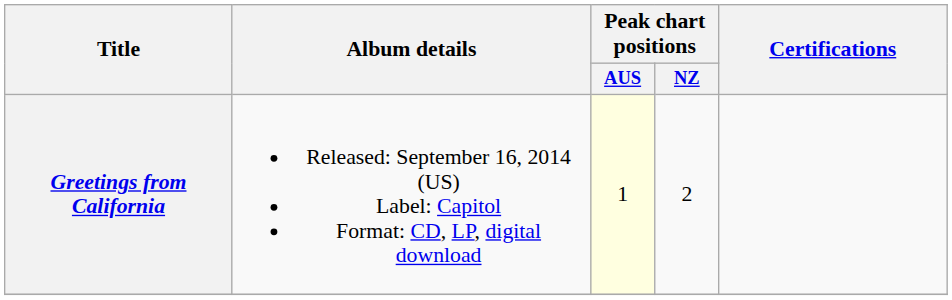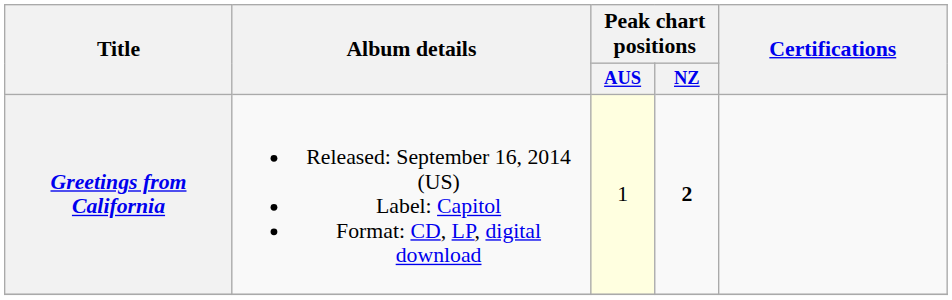 <table class="wikitable plainrowheaders" style="text-align:center;">
 <tr>
 <th scope="col" rowspan="2" style="width:10em;">Title</th>
 <th scope="col" rowspan="2" style="width:16em;">Album details</th>
 <th scope="col" colspan="2">Peak chart positions</th>
 <th scope="col" rowspan="2" style="width:10em;"><a href='#'>Certifications</a></th>
 </tr>
 <tr>
 <th scope="col" style="width:3em;font-size:85%;"><a href='#'>AUS</a><br></th>
 <th scope="col" style="width:3em;font-size:85%;"><a href='#'>NZ</a><br></th>
 </tr>
 <tr>
 <th scope="row"><em><a href='#'>Greetings from California</a></em></th>
 <td><br><ul><li>Released: September 16, 2014 <span>(US)</span></li><li>Label: <a href='#'>Capitol</a></li><li>Format: <a href='#'>CD</a>, <a href='#'>LP</a>, <a href='#'>digital download</a></li></ul></td>
 <td style="background: lightyellow;">1</td>
-<td>2</td>
+<td><strong>2</strong></td>
 <td></td>
 </tr>
 <tr>
 </tr>
 </table>
